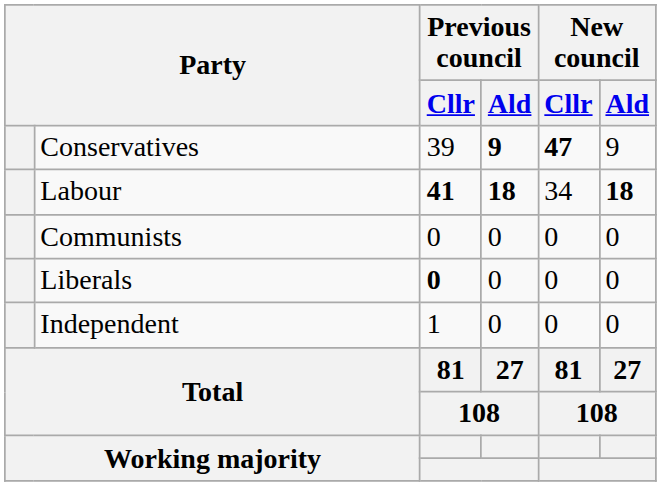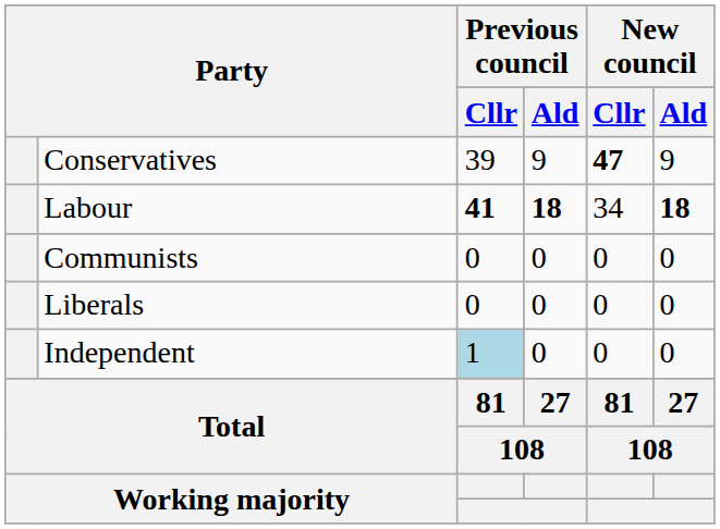 <table class="wikitable">
 <tr>
 <th colspan="2" rowspan="2" style="width: 230px">Party</th>
 <th valign=top colspan="2" style="width: 30px">Previous council</th>
 <th valign=top colspan="2" style="width: 30px">New council</th>
 </tr>
 <tr>
 <th><a href='#'>Cllr</a></th>
 <th><a href='#'>Ald</a></th>
 <th><a href='#'>Cllr</a></th>
 <th><a href='#'>Ald</a></th>
 </tr>
 <tr>
 <th style="background-color: "></th>
 <td>Conservatives</td>
 <td>39</td>
-<td><strong>9</strong></td>
+<td>9</td>
 <td><strong>47</strong></td>
 <td>9</td>
 </tr>
 <tr>
 <th style="background-color: "></th>
 <td>Labour</td>
 <td><strong>41</strong></td>
 <td><strong>18</strong></td>
 <td>34</td>
 <td><strong>18</strong></td>
 </tr>
 <tr>
 <th style="background-color: "></th>
 <td>Communists</td>
 <td>0</td>
 <td>0</td>
 <td>0</td>
 <td>0</td>
 </tr>
 <tr>
 <th style="background-color: "></th>
 <td>Liberals</td>
-<td><strong>0</strong></td>
+<td>0</td>
 <td>0</td>
 <td>0</td>
 <td>0</td>
 </tr>
 <tr>
 <th style="background-color: "></th>
 <td>Independent</td>
-<td>1</td>
+<td style="background: lightblue;">1</td>
 <td>0</td>
 <td>0</td>
 <td>0</td>
 </tr>
 <tr>
 <th colspan="2" rowspan="2">Total</th>
 <th style="text-align: center">81</th>
 <th style="text-align: center">27</th>
 <th style="text-align: center">81</th>
 <th style="text-align: center">27</th>
 </tr>
 <tr>
 <th colspan="2" style="text-align: center">108</th>
 <th colspan="2" style="text-align: center">108</th>
 </tr>
 <tr>
 <th colspan="2" rowspan="2">Working majority</th>
 <th></th>
 <th></th>
 <th></th>
 <th></th>
 </tr>
 <tr>
 <th colspan="2"></th>
 <th colspan="2"></th>
 </tr>
 </table>
